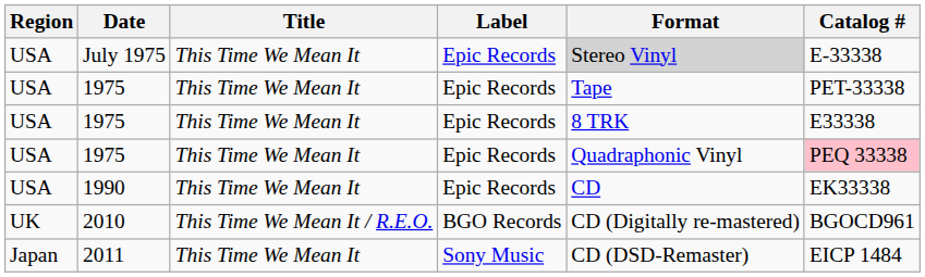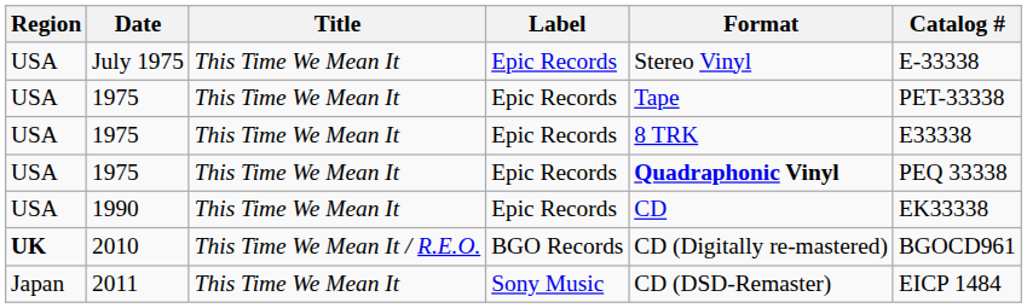 <table class="wikitable">
 <tr>
 <th>Region</th>
 <th>Date</th>
 <th>Title</th>
 <th>Label</th>
 <th>Format</th>
 <th>Catalog #</th>
 </tr>
 <tr>
 <td>USA</td>
 <td>July 1975</td>
 <td><em>This Time We Mean It</em></td>
 <td><a href='#'>Epic Records</a></td>
-<td style="background: lightgrey;">Stereo <a href='#'>Vinyl</a></td>
+<td>Stereo <a href='#'>Vinyl</a></td>
 <td>E-33338</td>
 </tr>
 <tr>
 <td>USA</td>
 <td>1975</td>
 <td><em>This Time We Mean It</em></td>
 <td>Epic Records</td>
 <td><a href='#'>Tape</a></td>
 <td>PET-33338</td>
 </tr>
 <tr>
 <td>USA</td>
 <td>1975</td>
 <td><em>This Time We Mean It</em></td>
 <td>Epic Records</td>
 <td><a href='#'>8 TRK</a></td>
 <td>E33338</td>
 </tr>
 <tr>
 <td>USA</td>
 <td>1975</td>
 <td><em>This Time We Mean It</em></td>
 <td>Epic Records</td>
-<td><a href='#'>Quadraphonic</a> Vinyl</td>
-<td style="background: pink;">PEQ 33338</td>
+<td><strong><a href='#'>Quadraphonic</a> Vinyl</strong></td>
+<td>PEQ 33338</td>
 </tr>
 <tr>
 <td>USA</td>
 <td>1990</td>
 <td><em>This Time We Mean It</em></td>
 <td>Epic Records</td>
 <td><a href='#'>CD</a></td>
 <td>EK33338</td>
 </tr>
 <tr>
-<td>UK</td>
+<td><strong>UK</strong></td>
 <td>2010</td>
 <td><em>This Time We Mean It / <a href='#'>R.E.O.</a></em></td>
 <td>BGO Records</td>
 <td>CD (Digitally re-mastered)</td>
 <td>BGOCD961</td>
 </tr>
 <tr>
 <td>Japan</td>
 <td>2011</td>
 <td><em>This Time We Mean It</em></td>
 <td><a href='#'>Sony Music</a></td>
 <td>CD (DSD-Remaster)</td>
 <td>EICP 1484</td>
 </tr>
 </table>
